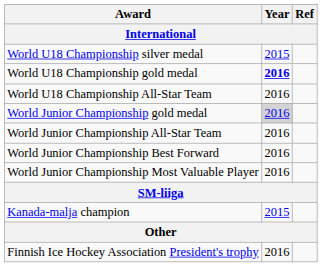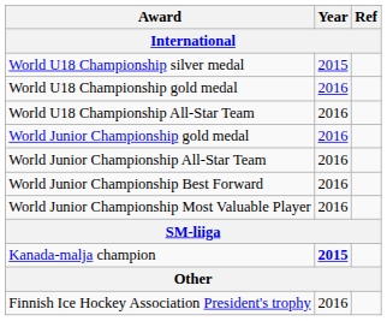 <table class="wikitable">
 <tr>
 <th>Award</th>
 <th>Year</th>
 <th>Ref</th>
 </tr>
 <tr>
 <th colspan="4"><a href='#'>International</a></th>
 </tr>
 <tr>
 <td><a href='#'>World U18 Championship</a> silver medal</td>
 <td><a href='#'>2015</a></td>
 <td></td>
 </tr>
 <tr>
 <td>World U18 Championship gold medal</td>
-<td><strong><a href='#'>2016</a></strong></td>
+<td><a href='#'>2016</a></td>
 <td></td>
 </tr>
 <tr>
 <td>World U18 Championship All-Star Team</td>
 <td>2016</td>
 <td></td>
 </tr>
 <tr>
 <td><a href='#'>World Junior Championship</a> gold medal</td>
-<td style="background: lightgrey;"><a href='#'>2016</a></td>
+<td><a href='#'>2016</a></td>
 <td></td>
 </tr>
 <tr>
 <td>World Junior Championship All-Star Team</td>
 <td>2016</td>
 <td></td>
 </tr>
 <tr>
 <td>World Junior Championship Best Forward</td>
 <td>2016</td>
 <td></td>
 </tr>
 <tr>
 <td>World Junior Championship Most Valuable Player</td>
 <td>2016</td>
 <td></td>
 </tr>
 <tr>
 <th colspan="4"><a href='#'>SM-liiga</a></th>
 </tr>
 <tr>
 <td><a href='#'>Kanada-malja</a> champion</td>
-<td><a href='#'>2015</a></td>
+<td><strong><a href='#'>2015</a></strong></td>
 <td></td>
 </tr>
 <tr>
 <th colspan="4">Other</th>
 </tr>
 <tr>
 <td>Finnish Ice Hockey Association <a href='#'>President's trophy</a></td>
 <td>2016</td>
 <td></td>
 </tr>
 </table>
